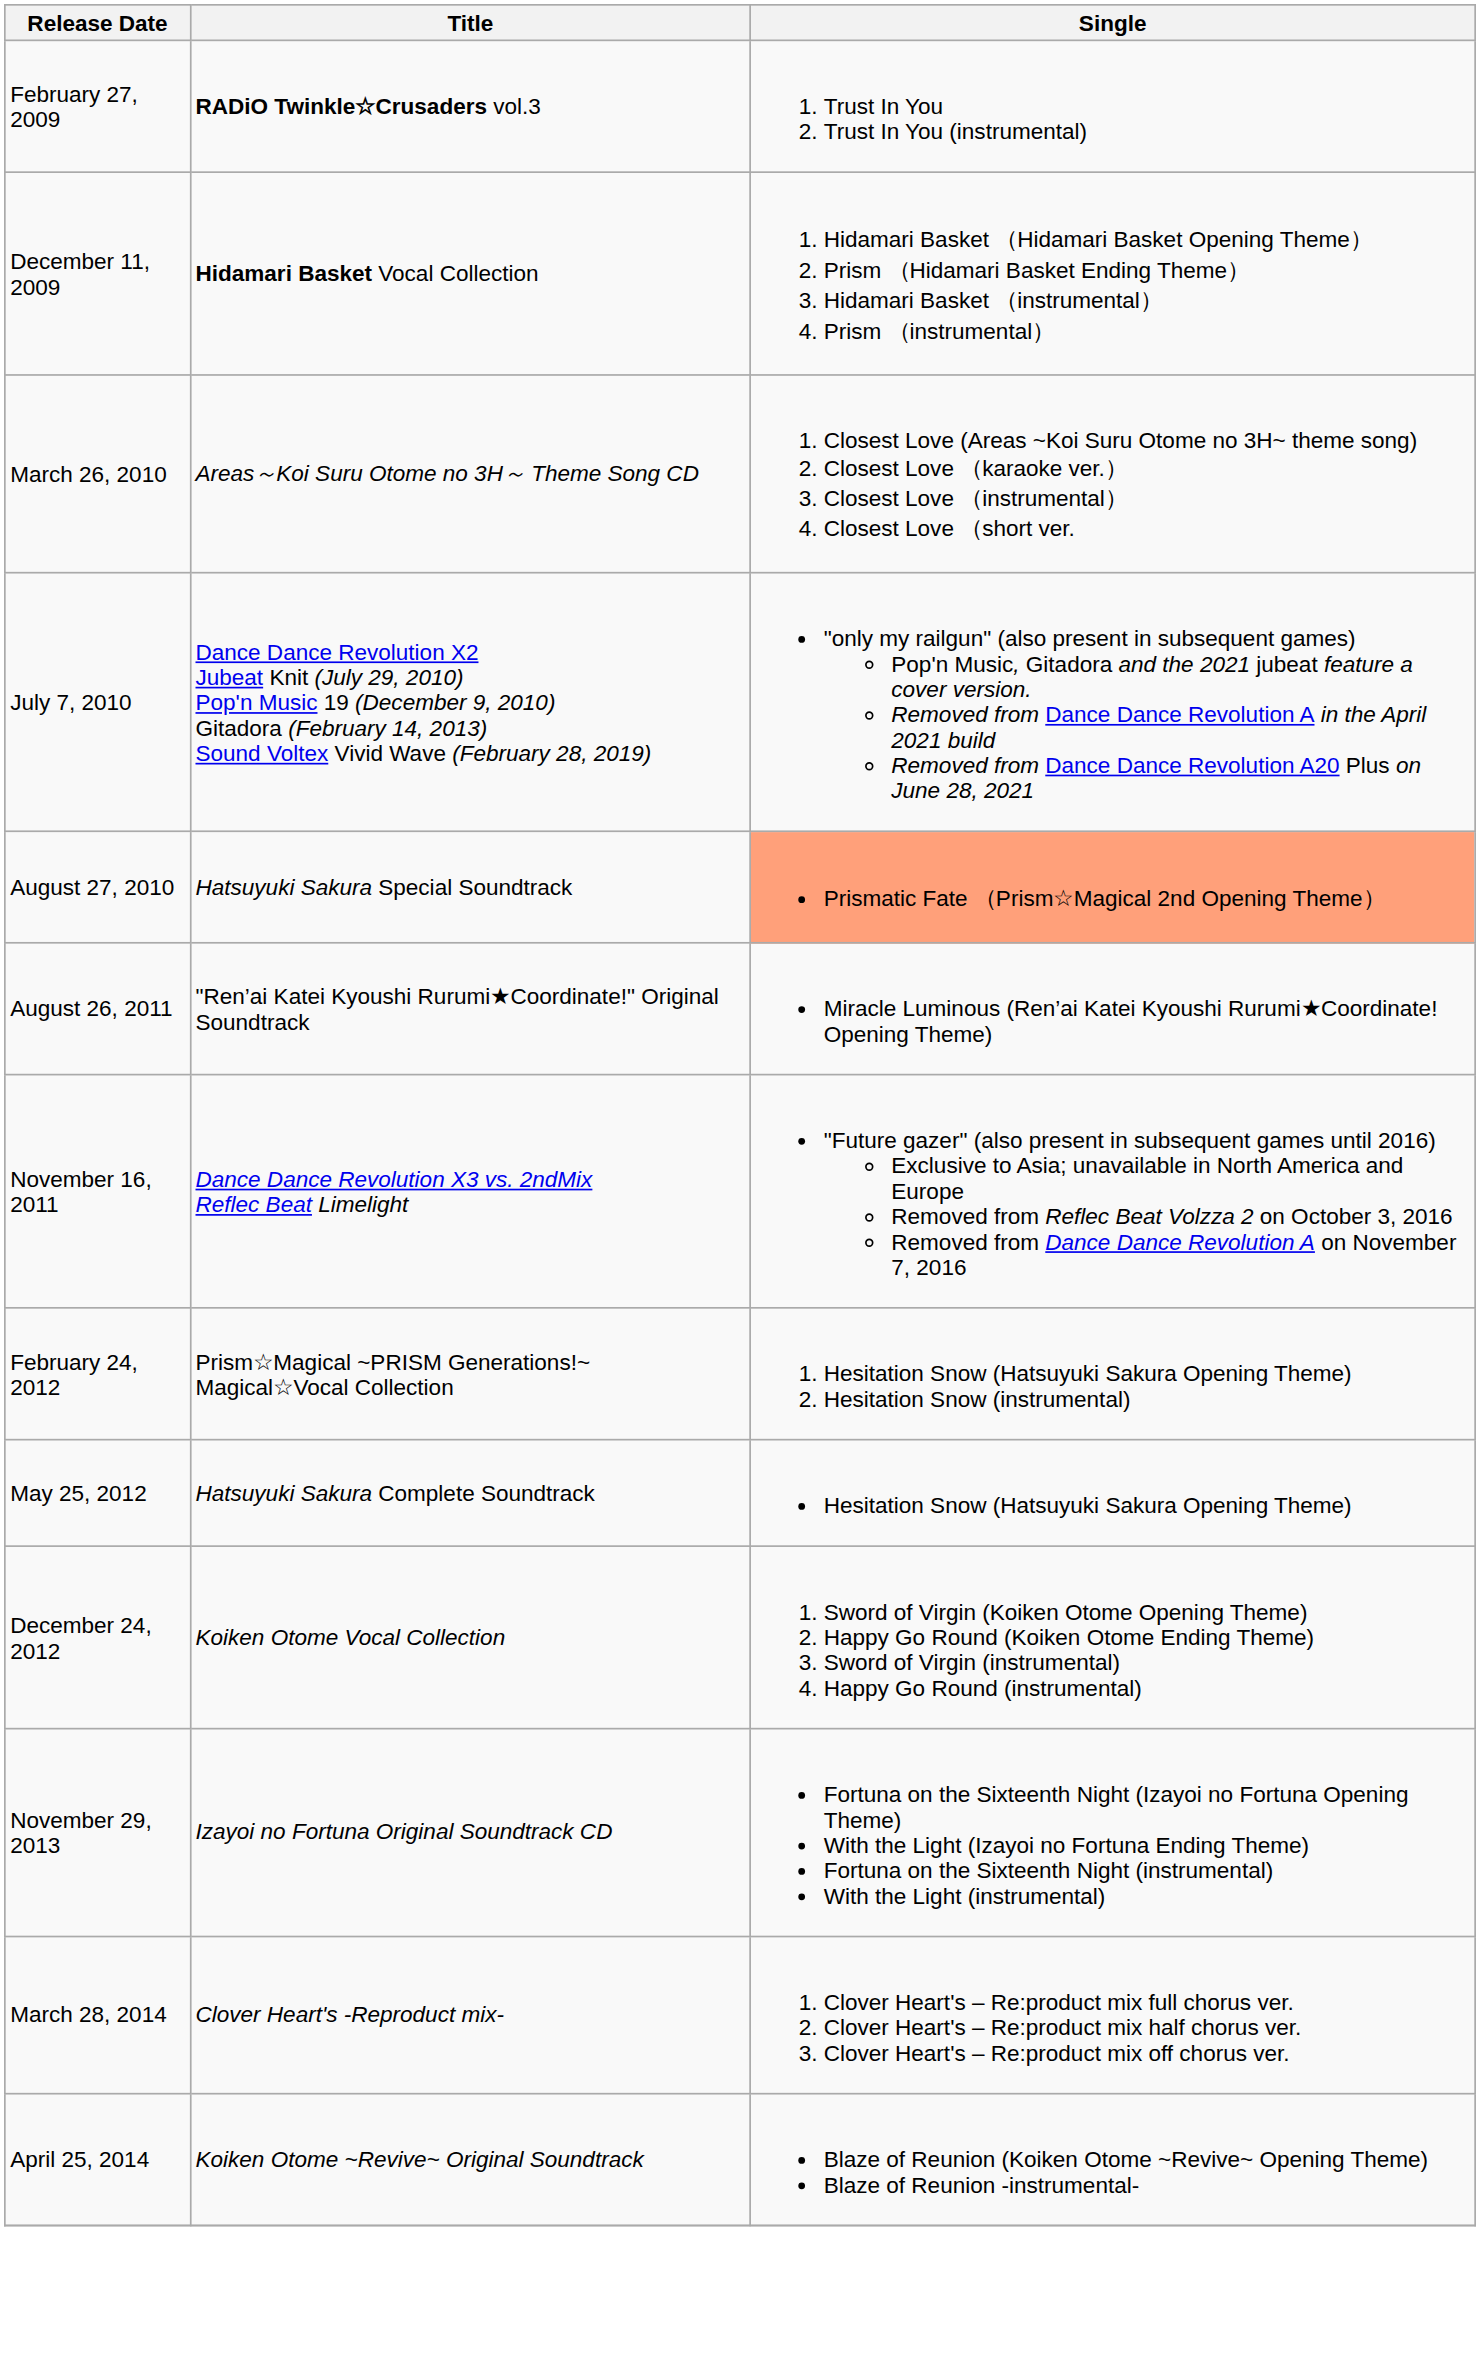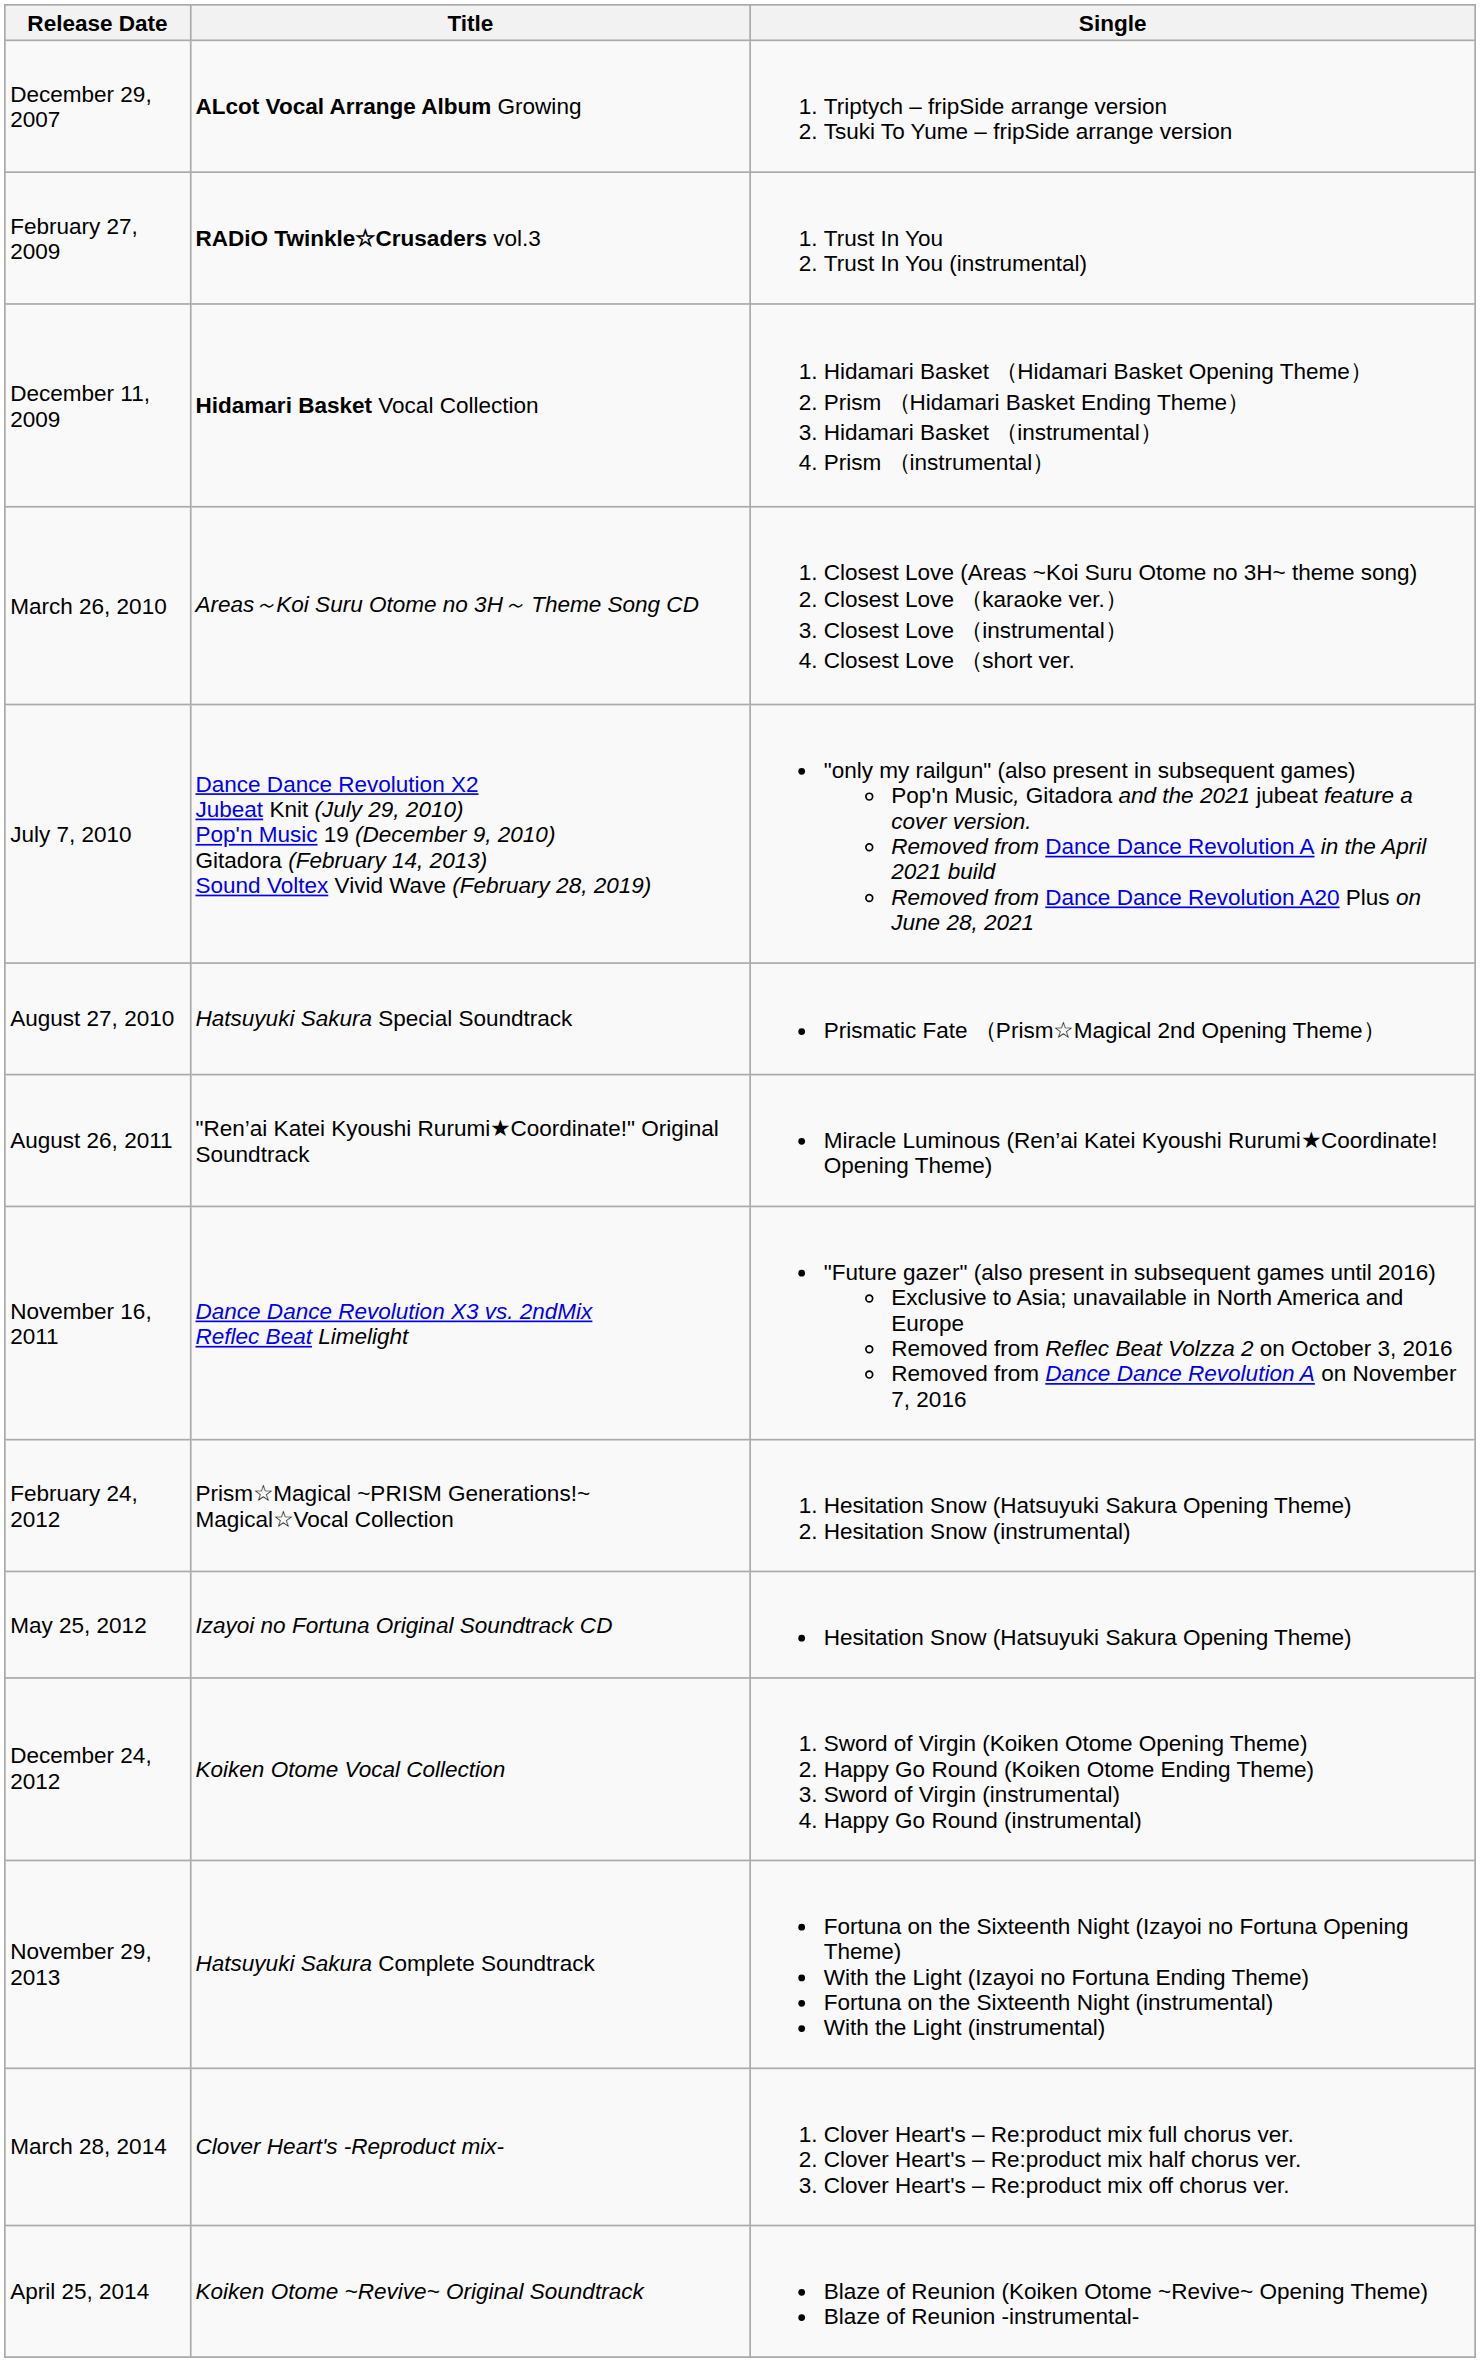 <table class="wikitable" style="font-size:smaller">
 <tr>
 <th>Release Date</th>
 <th>Title</th>
 <th>Single</th>
+</tr>
+<tr>
+<td>December 29, 2007</td>
+<td><strong>ALcot Vocal Arrange Album</strong> Growing</td>
+<td><br><ol><li>Triptych – fripSide arrange version</li><li>Tsuki To Yume – fripSide arrange version</li></ol></td>
 </tr>
 <tr>
 <td>February 27, 2009</td>
 <td><strong>RADiO Twinkle☆Crusaders</strong> vol.3</td>
 <td><br><ol><li>Trust In You</li><li>Trust In You (instrumental)</li></ol></td>
 </tr>
 <tr>
 <td>December 11, 2009</td>
 <td><strong>Hidamari Basket</strong> Vocal Collection</td>
 <td><br><ol><li>Hidamari Basket （Hidamari Basket Opening Theme）</li><li>Prism （Hidamari Basket Ending Theme）</li><li>Hidamari Basket （instrumental）</li><li>Prism （instrumental）</li></ol></td>
 </tr>
 <tr>
 <td>March 26, 2010</td>
 <td><em>Areas～Koi Suru Otome no 3H～ Theme Song CD<strong></td>
 <td><br><ol><li>Closest Love (Areas ~Koi Suru Otome no 3H~ theme song)</li><li>Closest Love （karaoke ver.）</li><li>Closest Love （instrumental）</li><li>Closest Love （short ver.</li></ol></td>
 </tr>
 <tr>
 <td>July 7, 2010</td>
 <td></em><a href='#'>Dance Dance Revolution X2</a><em><br></em><a href='#'>Jubeat</a> Knit<em> (July 29, 2010)<br></em><a href='#'>Pop'n Music</a> 19<em> (December 9, 2010)<br></em>Gitadora<em> (February 14, 2013)<br></em><a href='#'>Sound Voltex</a> Vivid Wave<em> (February 28, 2019)</td>
 <td><br><ul><li>"only my railgun" (also present in subsequent games)<ul><li></em>Pop'n Music<em>, </em>Gitadora<em> and the 2021 </em>jubeat<em> feature a cover version.</li><li>Removed from </em><a href='#'>Dance Dance Revolution A</a><em> in the April 2021 build</li><li>Removed from </em><a href='#'>Dance Dance Revolution A20</a> Plus<em> on June 28, 2021</li></ul></li></ul></td>
 </tr>
 <tr>
 <td>August 27, 2010</td>
 <td><em>Hatsuyuki Sakura</em> Special Soundtrack</td>
-<td style="background: lightsalmon;"><br><ul><li>Prismatic Fate （Prism☆Magical 2nd Opening Theme）</li></ul></td>
+<td><br><ul><li>Prismatic Fate （Prism☆Magical 2nd Opening Theme）</li></ul></td>
 </tr>
 <tr>
 <td>August 26, 2011</td>
 <td>"Ren’ai Katei Kyoushi Rurumi★Coordinate!" Original Soundtrack</td>
 <td><br><ul><li>Miracle Luminous (Ren’ai Katei Kyoushi Rurumi★Coordinate! Opening Theme)</li></ul></td>
 </tr>
 <tr>
 <td>November 16, 2011</td>
 <td><em><a href='#'>Dance Dance Revolution X3 vs. 2ndMix</a></em><br><em><a href='#'>Reflec Beat</a> Limelight</em></td>
 <td><br><ul><li>"Future gazer" (also present in subsequent games until 2016)<ul><li>Exclusive to Asia; unavailable in North America and Europe</li><li>Removed from <em>Reflec Beat Volzza 2</em> on October 3, 2016</li><li>Removed from <em><a href='#'>Dance Dance Revolution A</a></em> on November 7, 2016</li></ul></li></ul></td>
 </tr>
 <tr>
 <td>February 24, 2012</td>
 <td></em>Prism☆Magical ~PRISM Generations!~ Magical☆Vocal Collection</strong></td>
 <td><br><ol><li>Hesitation Snow (Hatsuyuki Sakura Opening Theme)</li><li>Hesitation Snow (instrumental)</li></ol></td>
 </tr>
 <tr>
 <td>May 25, 2012</td>
-<td><em>Hatsuyuki Sakura</em> Complete Soundtrack</td>
+<td><em>Izayoi no Fortuna Original Soundtrack CD</em></td>
 <td><br><ul><li>Hesitation Snow (Hatsuyuki Sakura Opening Theme)</li></ul></td>
 </tr>
 <tr>
 <td>December 24, 2012</td>
 <td><em>Koiken Otome Vocal Collection</em></td>
 <td><br><ol><li>Sword of Virgin (Koiken Otome Opening Theme)</li><li>Happy Go Round (Koiken Otome Ending Theme)</li><li>Sword of Virgin (instrumental)</li><li>Happy Go Round (instrumental)</li></ol></td>
 </tr>
 <tr>
 <td>November 29, 2013</td>
-<td><em>Izayoi no Fortuna Original Soundtrack CD</em></td>
+<td><em>Hatsuyuki Sakura</em> Complete Soundtrack</td>
 <td><br><ul><li>Fortuna on the Sixteenth Night (Izayoi no Fortuna Opening Theme)</li><li>With the Light (Izayoi no Fortuna Ending Theme)</li><li>Fortuna on the Sixteenth Night (instrumental)</li><li>With the Light (instrumental)</li></ul></td>
 </tr>
 <tr>
 <td>March 28, 2014</td>
 <td><em>Clover Heart's -Reproduct mix-</em></td>
 <td><br><ol><li>Clover Heart's – Re:product mix full chorus ver.</li><li>Clover Heart's – Re:product mix half chorus ver.</li><li>Clover Heart's – Re:product mix off chorus ver.</li></ol></td>
 </tr>
 <tr>
 <td>April 25, 2014</td>
 <td><em>Koiken Otome ~Revive~ Original Soundtrack</em></td>
 <td><br><ul><li>Blaze of Reunion (Koiken Otome ~Revive~ Opening Theme)</li><li>Blaze of Reunion -instrumental-</li></ul></td>
 </tr>
 <tr>
 </tr>
 </table>
